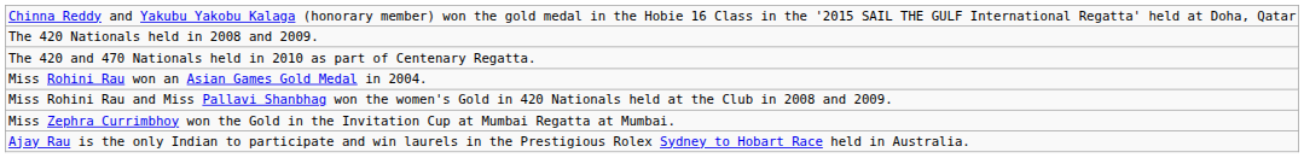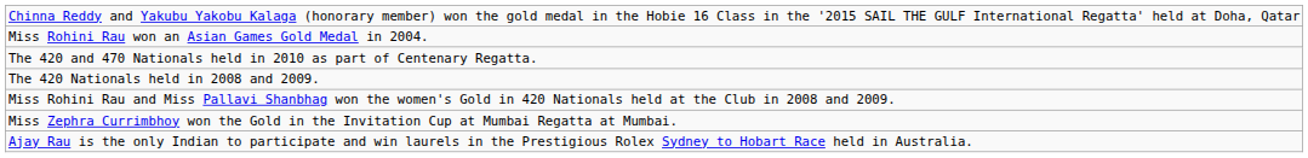 <table class="wikitable">
 <tr>
 <td><a href='#'>Chinna Reddy</a> and <a href='#'>Yakubu Yakobu Kalaga</a> (honorary member) won the gold medal in the Hobie 16 Class in the '2015 SAIL THE GULF International Regatta' held at Doha, Qatar</td>
 </tr>
 <tr>
-<td>The 420 Nationals held in 2008 and 2009.</td>
+<td>Miss <a href='#'>Rohini Rau</a> won an <a href='#'>Asian Games Gold Medal</a> in 2004.</td>
 </tr>
 <tr>
 <td>The 420 and 470 Nationals held in 2010 as part of Centenary Regatta.</td>
 </tr>
 <tr>
-<td>Miss <a href='#'>Rohini Rau</a> won an <a href='#'>Asian Games Gold Medal</a> in 2004.</td>
+<td>The 420 Nationals held in 2008 and 2009.</td>
 </tr>
 <tr>
 <td>Miss Rohini Rau and Miss <a href='#'>Pallavi Shanbhag</a> won the women's Gold in 420 Nationals held at the Club in 2008 and 2009.</td>
 </tr>
 <tr>
 <td>Miss <a href='#'>Zephra Currimbhoy</a> won the Gold in the Invitation Cup at Mumbai Regatta at Mumbai.</td>
 </tr>
 <tr>
 <td><a href='#'>Ajay Rau</a> is the only Indian to participate and win laurels in the Prestigious Rolex <a href='#'>Sydney to Hobart Race</a> held in Australia.</td>
 </tr>
 </table>
